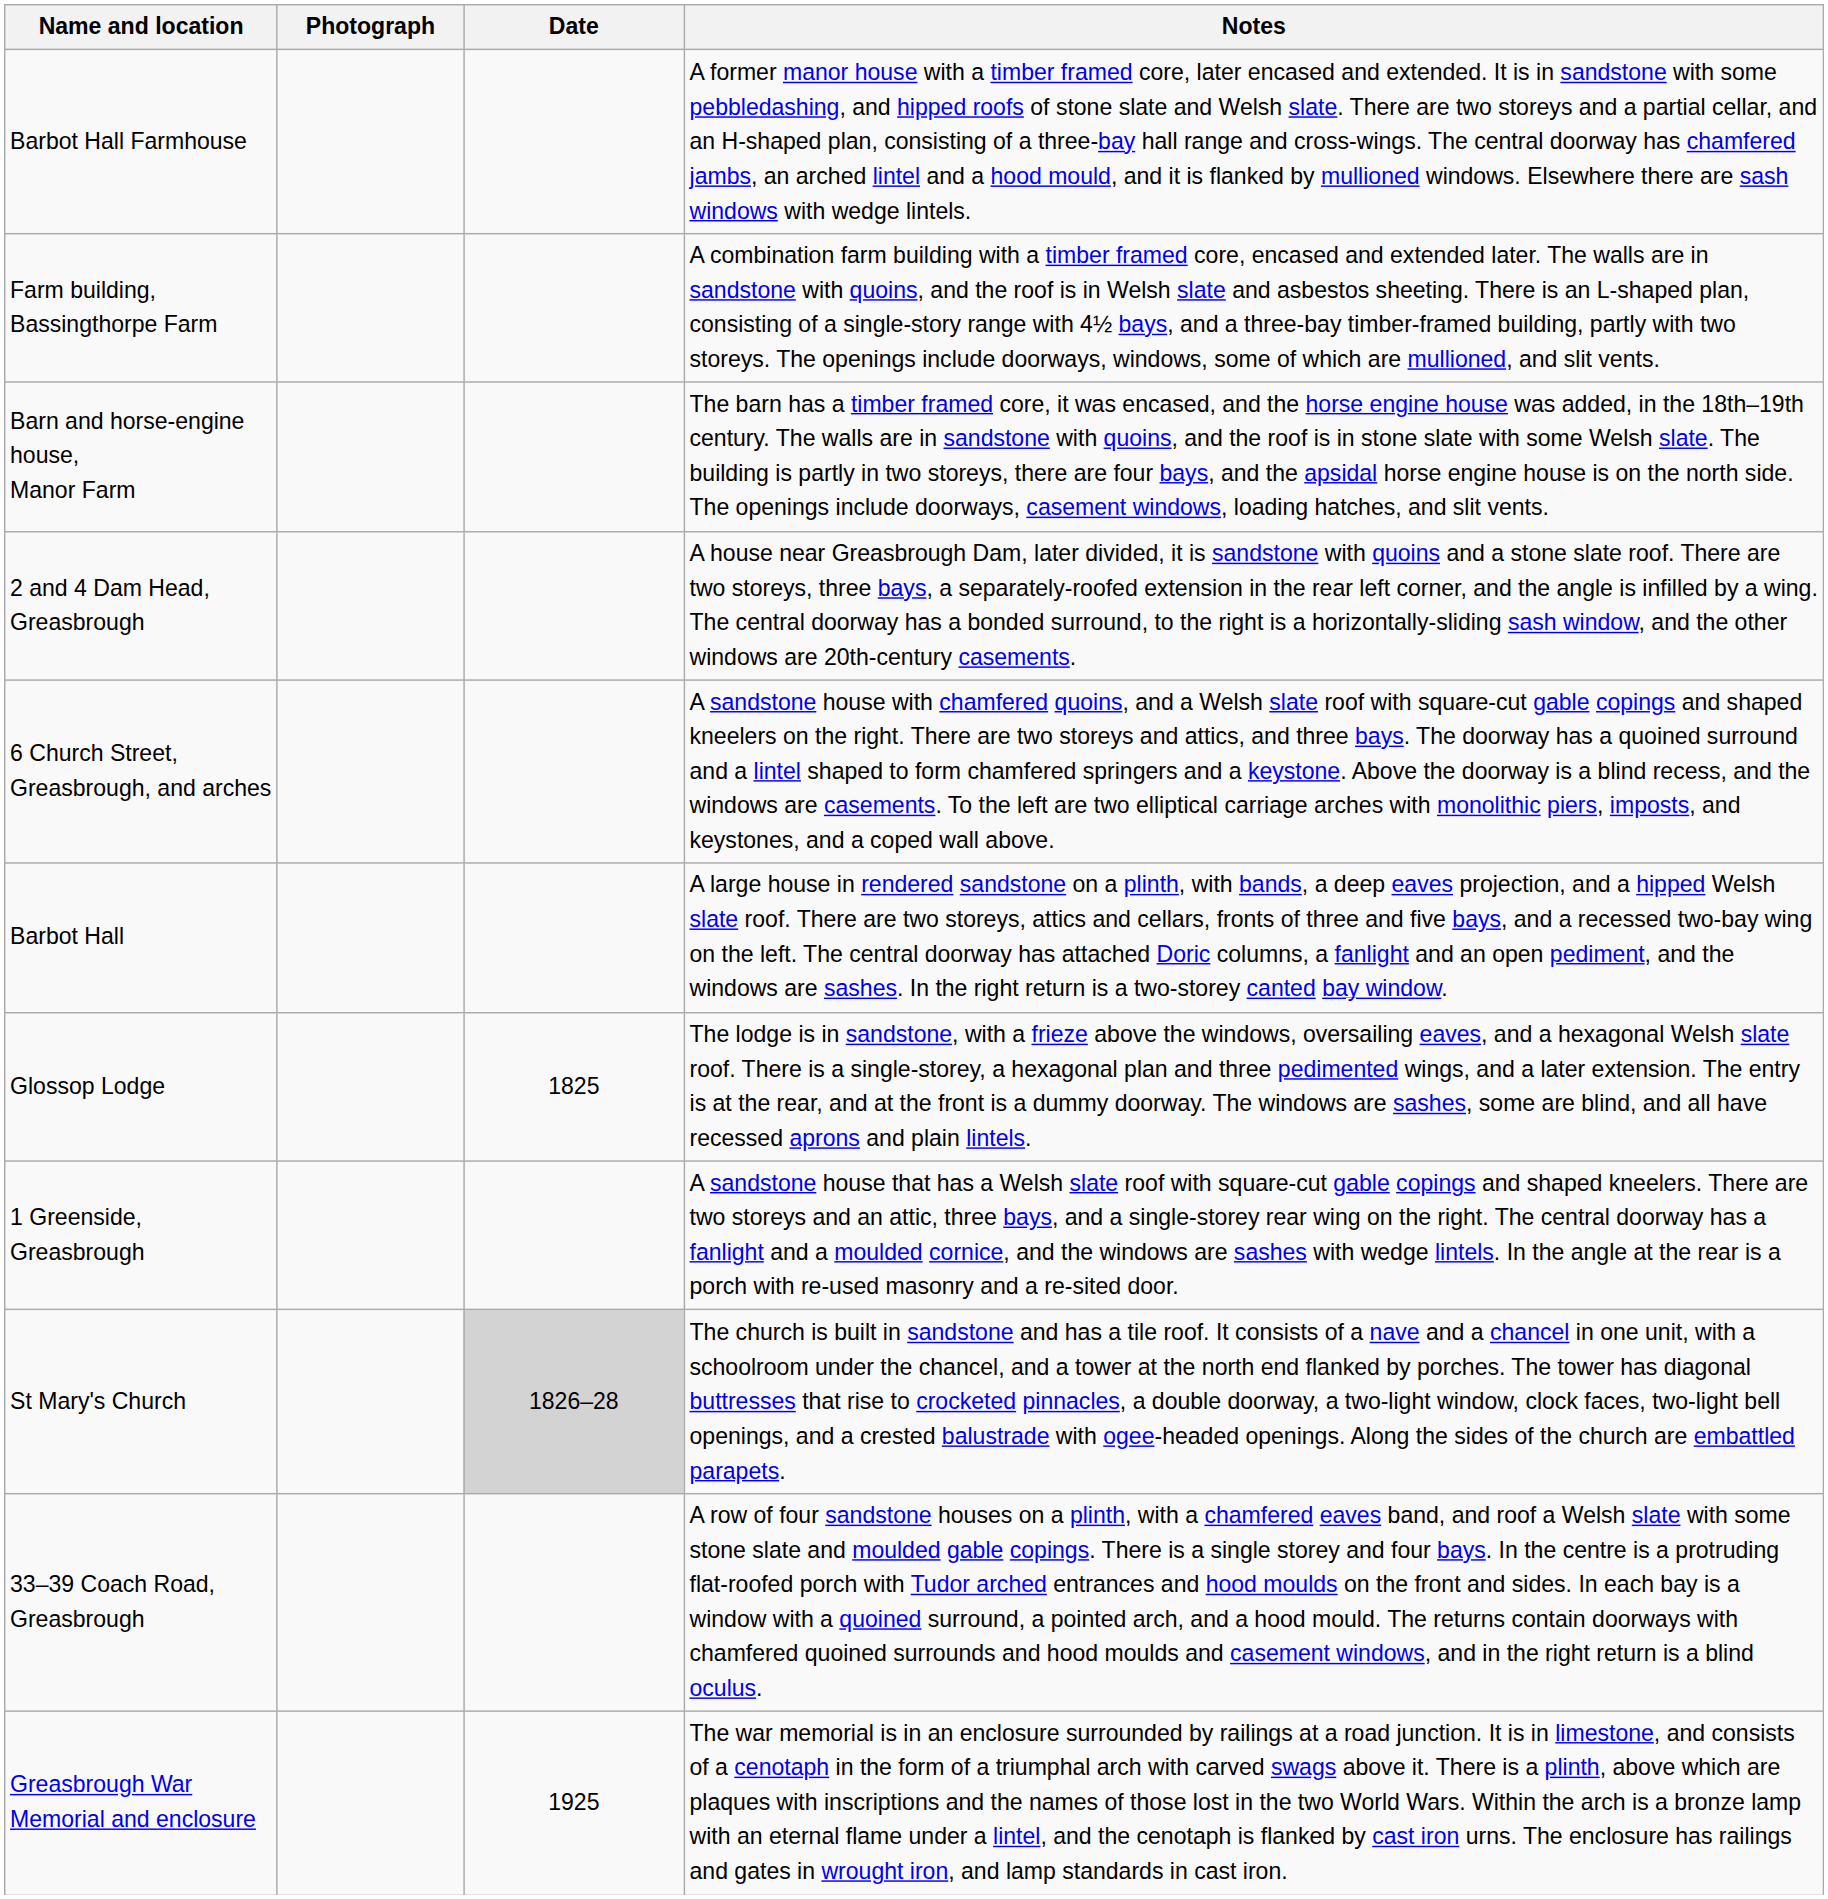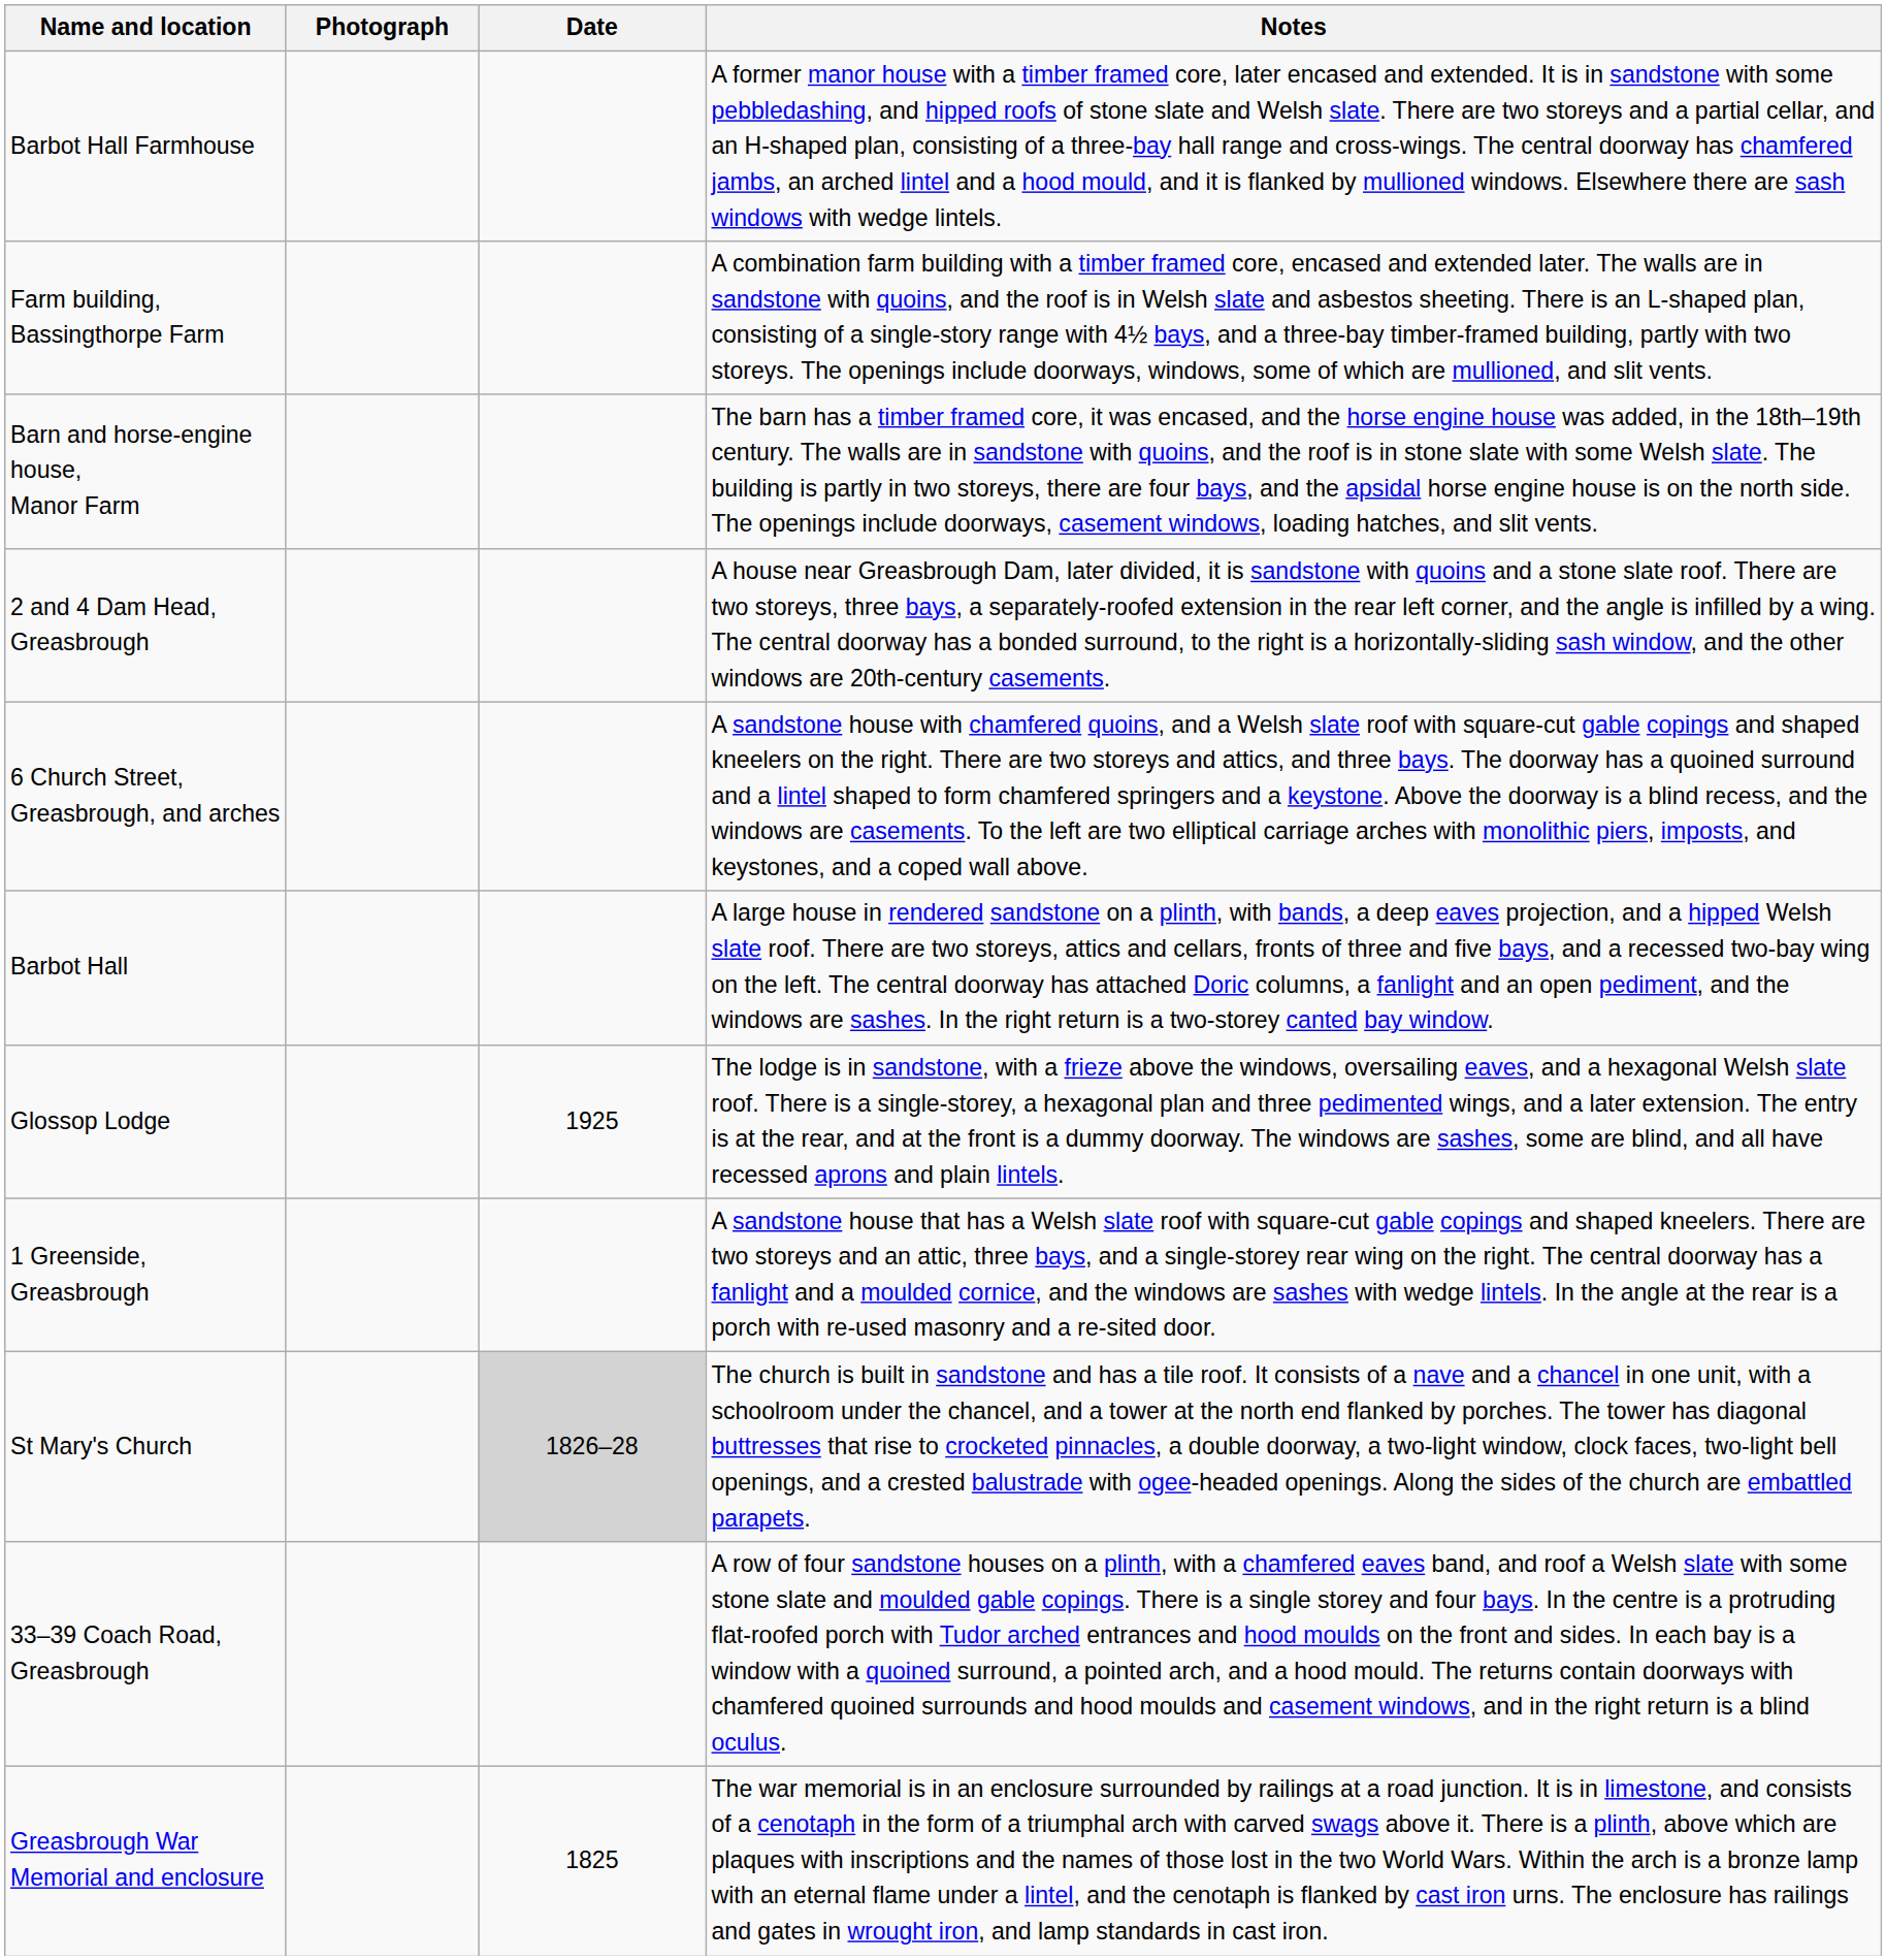 <table class="wikitable sortable plainrowheaders" style="width:100%;border:0px;text-align:left;line-height:150%;">
 <tr>
 <th scope="col"  style="width:150px">Name and location</th>
 <th scope="col"  style="width:100px" class="unsortable">Photograph</th>
 <th scope="col"  style="width:120px">Date</th>
 <th scope="col"  style="width:650px" class="unsortable">Notes</th>
 </tr>
 <tr>
 <td>Barbot Hall Farmhouse<br><small></small></td>
 <td></td>
 <td align="center"></td>
 <td>A former <a href='#'>manor house</a> with a <a href='#'>timber framed</a> core, later encased and extended.  It is in <a href='#'>sandstone</a> with some <a href='#'>pebbledashing</a>, and <a href='#'>hipped roofs</a> of stone slate and Welsh <a href='#'>slate</a>.  There are two storeys and a partial cellar, and an H-shaped plan, consisting of a three-<a href='#'>bay</a> hall range and cross-wings.  The central doorway has <a href='#'>chamfered</a> <a href='#'>jambs</a>, an arched <a href='#'>lintel</a> and a <a href='#'>hood mould</a>, and it is flanked by <a href='#'>mullioned</a> windows.  Elsewhere there are <a href='#'>sash windows</a> with wedge lintels.</td>
 </tr>
 <tr>
 <td>Farm building, Bassingthorpe Farm<br><small></small></td>
 <td></td>
 <td align="center"></td>
 <td>A combination farm building with a <a href='#'>timber framed</a> core, encased and extended later.  The walls are in <a href='#'>sandstone</a> with <a href='#'>quoins</a>, and the roof is in Welsh <a href='#'>slate</a> and asbestos sheeting.  There is an L-shaped plan, consisting of a single-story range with 4½ <a href='#'>bays</a>, and a three-bay timber-framed building, partly with two storeys.  The openings include doorways, windows, some of which are <a href='#'>mullioned</a>, and slit vents.</td>
 </tr>
 <tr>
 <td>Barn and horse-engine house,<br>Manor Farm<br><small></small></td>
 <td></td>
 <td align="center"></td>
 <td>The barn has a <a href='#'>timber framed</a> core, it was encased, and the <a href='#'>horse engine house</a> was added, in the 18th–19th century.  The walls are in <a href='#'>sandstone</a> with <a href='#'>quoins</a>, and the roof is in stone slate with some Welsh <a href='#'>slate</a>.  The building is partly in two storeys, there are four <a href='#'>bays</a>, and the <a href='#'>apsidal</a> horse engine house is on the north side.  The openings include doorways, <a href='#'>casement windows</a>, loading hatches, and slit vents.</td>
 </tr>
 <tr>
 <td>2 and 4 Dam Head, Greasbrough<br><small></small></td>
 <td></td>
 <td align="center"></td>
 <td>A house near Greasbrough Dam, later divided, it is <a href='#'>sandstone</a> with <a href='#'>quoins</a> and a stone slate roof.  There are two storeys, three <a href='#'>bays</a>, a separately-roofed extension in the rear left corner, and the angle is infilled by a wing.  The central doorway has a bonded surround, to the right is a horizontally-sliding <a href='#'>sash window</a>, and the other windows are 20th-century <a href='#'>casements</a>.</td>
 </tr>
 <tr>
 <td>6 Church Street, Greasbrough, and arches<br><small></small></td>
 <td></td>
 <td align="center"></td>
 <td>A <a href='#'>sandstone</a> house with <a href='#'>chamfered</a> <a href='#'>quoins</a>, and a Welsh <a href='#'>slate</a> roof with square-cut <a href='#'>gable</a> <a href='#'>copings</a> and shaped kneelers on the right.  There are two storeys and attics, and three <a href='#'>bays</a>.  The doorway has a quoined surround and a <a href='#'>lintel</a> shaped to form chamfered springers and a <a href='#'>keystone</a>.  Above the doorway is a blind recess, and the windows are <a href='#'>casements</a>.  To the left are two elliptical carriage arches with <a href='#'>monolithic</a> <a href='#'>piers</a>, <a href='#'>imposts</a>, and keystones, and a coped wall above.</td>
 </tr>
 <tr>
 <td>Barbot Hall<br><small></small></td>
 <td></td>
 <td align="center"></td>
 <td>A large house in <a href='#'>rendered</a> <a href='#'>sandstone</a> on a <a href='#'>plinth</a>, with <a href='#'>bands</a>, a deep <a href='#'>eaves</a> projection, and a <a href='#'>hipped</a> Welsh <a href='#'>slate</a> roof.  There are two storeys, attics and cellars, fronts of three and five <a href='#'>bays</a>, and a recessed two-bay wing on the left.  The central doorway has attached <a href='#'>Doric</a> columns, a <a href='#'>fanlight</a> and an open <a href='#'>pediment</a>, and the windows are <a href='#'>sashes</a>.  In the right return is a two-storey <a href='#'>canted</a> <a href='#'>bay window</a>.</td>
 </tr>
 <tr>
 <td>Glossop Lodge<br><small></small></td>
 <td></td>
-<td align="center">1825</td>
+<td align="center">1925</td>
 <td>The lodge is in <a href='#'>sandstone</a>, with a <a href='#'>frieze</a> above the windows, oversailing <a href='#'>eaves</a>, and a hexagonal Welsh <a href='#'>slate</a> roof.  There is a single-storey, a hexagonal plan and three <a href='#'>pedimented</a> wings, and a later extension.  The entry is at the rear, and at the front is a dummy doorway.  The windows are <a href='#'>sashes</a>, some are blind, and all have recessed <a href='#'>aprons</a> and plain <a href='#'>lintels</a>.</td>
 </tr>
 <tr>
 <td>1 Greenside, Greasbrough<br><small></small></td>
 <td></td>
 <td align="center"></td>
 <td>A <a href='#'>sandstone</a> house that has a Welsh <a href='#'>slate</a> roof with square-cut <a href='#'>gable</a> <a href='#'>copings</a> and shaped kneelers.  There are two storeys and an attic, three <a href='#'>bays</a>, and a single-storey rear wing on the right.  The central doorway has a <a href='#'>fanlight</a> and a <a href='#'>moulded</a> <a href='#'>cornice</a>, and the windows are <a href='#'>sashes</a> with wedge <a href='#'>lintels</a>.  In the angle at the rear is a porch with re-used masonry and a re-sited door.</td>
 </tr>
 <tr>
 <td>St Mary's Church<br><small></small></td>
 <td></td>
 <td align="center" style="background: lightgrey;">1826–28</td>
 <td>The church is built in <a href='#'>sandstone</a> and has a tile roof.  It consists of a <a href='#'>nave</a> and a <a href='#'>chancel</a> in one unit, with a schoolroom under the chancel, and a tower at the north end flanked by porches.  The tower has diagonal <a href='#'>buttresses</a> that rise to <a href='#'>crocketed</a> <a href='#'>pinnacles</a>, a double doorway, a two-light window, clock faces, two-light bell openings, and a crested <a href='#'>balustrade</a> with <a href='#'>ogee</a>-headed openings.  Along the sides of the church are <a href='#'>embattled</a> <a href='#'>parapets</a>.</td>
 </tr>
 <tr>
 <td>33–39 Coach Road, Greasbrough<br><small></small></td>
 <td></td>
 <td align="center"></td>
 <td>A row of four <a href='#'>sandstone</a> houses on a <a href='#'>plinth</a>, with a <a href='#'>chamfered</a> <a href='#'>eaves</a> band, and roof a Welsh <a href='#'>slate</a> with some stone slate and <a href='#'>moulded</a> <a href='#'>gable</a> <a href='#'>copings</a>.  There is a single storey and four <a href='#'>bays</a>.  In the centre is a protruding flat-roofed porch with <a href='#'>Tudor arched</a> entrances and <a href='#'>hood moulds</a> on the front and sides. In each bay is a window with a <a href='#'>quoined</a> surround, a pointed arch, and a hood mould.   The returns contain doorways with chamfered quoined surrounds and hood moulds and <a href='#'>casement windows</a>, and in the right return is a blind <a href='#'>oculus</a>.</td>
 </tr>
 <tr>
 <td><a href='#'>Greasbrough War Memorial and enclosure</a><br><small></small></td>
 <td></td>
-<td align="center">1925</td>
+<td align="center">1825</td>
 <td>The war memorial is in an enclosure surrounded by railings at a road junction.  It is in <a href='#'>limestone</a>, and consists of a <a href='#'>cenotaph</a> in the form of a triumphal arch with carved <a href='#'>swags</a> above it.  There is a <a href='#'>plinth</a>, above which are plaques with inscriptions and the names of those lost in the two World Wars.  Within the arch is a bronze lamp with an eternal flame under a <a href='#'>lintel</a>, and the cenotaph is flanked by <a href='#'>cast iron</a> urns.  The enclosure has railings and gates in <a href='#'>wrought iron</a>, and lamp standards in cast iron.</td>
 </tr>
 </table>
